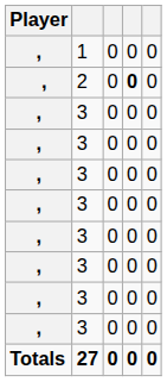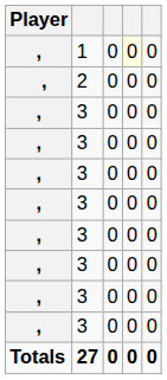 <table class="wikitable sortable plainrowheaders">
 <tr>
 <th scope="col">Player</th>
 <th scope="col"></th>
 <th scope="col"></th>
 <th scope="col"></th>
 <th scope="col"></th>
 </tr>
 <tr>
 <th scope="row">, </th>
 <td>1</td>
 <td>0</td>
-<td>0</td>
+<td style="background: lightyellow;">0</td>
 <td>0</td>
 </tr>
 <tr>
 <th scope="row">  , </th>
 <td>2</td>
 <td>0</td>
-<td><strong>0</strong></td>
+<td>0</td>
 <td>0</td>
 </tr>
 <tr>
 <th scope="row">, </th>
 <td>3</td>
 <td>0</td>
 <td>0</td>
 <td>0</td>
 </tr>
 <tr>
 <th scope="row">, </th>
 <td>3</td>
 <td>0</td>
 <td>0</td>
 <td>0</td>
 </tr>
 <tr>
 <th scope="row">, </th>
 <td>3</td>
 <td>0</td>
 <td>0</td>
 <td>0</td>
 </tr>
 <tr>
 <th scope="row">, </th>
 <td>3</td>
 <td>0</td>
 <td>0</td>
 <td>0</td>
 </tr>
 <tr>
 <th scope="row">, </th>
 <td>3</td>
 <td>0</td>
 <td>0</td>
 <td>0</td>
 </tr>
 <tr>
 <th scope="row">, </th>
 <td>3</td>
 <td>0</td>
 <td>0</td>
 <td>0</td>
 </tr>
 <tr>
 <th scope="row">, </th>
 <td>3</td>
 <td>0</td>
 <td>0</td>
 <td>0</td>
 </tr>
 <tr>
 <th scope="row">, </th>
 <td>3</td>
 <td>0</td>
 <td>0</td>
 <td>0</td>
 </tr>
 <tr class="sortbottom">
 <td><strong>Totals</strong></td>
 <td><strong>27</strong></td>
 <td><strong>0</strong></td>
 <td><strong>0</strong></td>
 <td><strong>0</strong></td>
 </tr>
 </table>
